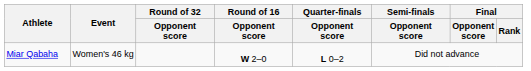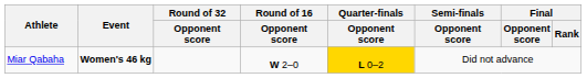 <table class="wikitable" style="font-size:90%; text-align:center">
 <tr>
 <th rowspan="2" width="100">Athlete</th>
 <th rowspan="2">Event</th>
 <th width="120">Round of 32</th>
 <th width="120">Round of 16</th>
 <th width="120">Quarter-finals</th>
 <th width="120">Semi-finals</th>
 <th colspan="2" width="100">Final</th>
 </tr>
 <tr>
 <th>Opponent<br>score</th>
 <th>Opponent<br>score</th>
 <th>Opponent<br>score</th>
 <th>Opponent<br>score</th>
 <th>Opponent<br>score</th>
 <th>Rank</th>
 </tr>
 <tr>
 <td align="left"><a href='#'>Miar Qabaha</a></td>
-<td align="left">Women's 46 kg</td>
+<td align="left"><strong>Women's 46 kg</strong></td>
 <td></td>
 <td><br><strong>W</strong> 2–0</td>
-<td><br><strong>L</strong> 0–2</td>
+<td style="background: gold;"><br><strong>L</strong> 0–2</td>
 <td colspan="3">Did not advance</td>
 </tr>
 </table>
